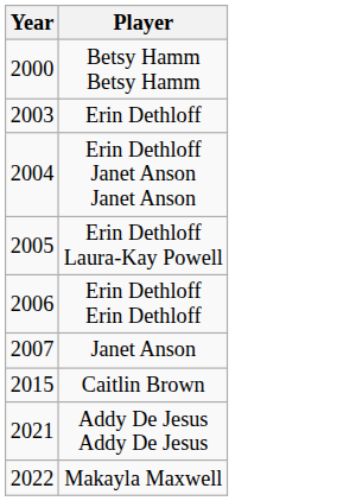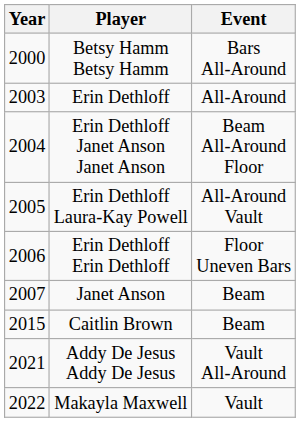 <table class="wikitable" style="text-align: center">
 <tr align=center>
 <th>Year</th>
 <th>Player</th>
+<th>Event</th>
 </tr>
 <tr>
 <td>2000</td>
 <td>Betsy Hamm<br>Betsy Hamm</td>
+<td>Bars<br>All-Around</td>
 </tr>
 <tr>
 <td>2003</td>
 <td>Erin Dethloff</td>
+<td>All-Around</td>
 </tr>
 <tr>
 <td>2004</td>
 <td>Erin Dethloff<br>Janet Anson<br>Janet Anson<br></td>
+<td>Beam<br>All-Around<br>Floor</td>
 </tr>
 <tr>
 <td>2005</td>
 <td>Erin Dethloff<br>Laura-Kay Powell</td>
+<td>All-Around<br>Vault</td>
 </tr>
 <tr>
 <td>2006</td>
 <td>Erin Dethloff<br>Erin Dethloff</td>
+<td>Floor<br>Uneven Bars</td>
 </tr>
 <tr>
 <td>2007</td>
 <td>Janet Anson</td>
+<td>Beam</td>
 </tr>
 <tr>
 <td>2015</td>
 <td>Caitlin Brown</td>
+<td>Beam</td>
 </tr>
 <tr>
 <td>2021</td>
 <td>Addy De Jesus<br>Addy De Jesus</td>
+<td>Vault<br>All-Around</td>
 </tr>
 <tr>
 <td>2022</td>
 <td>Makayla Maxwell</td>
+<td>Vault</td>
 </tr>
 </table>
